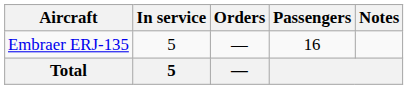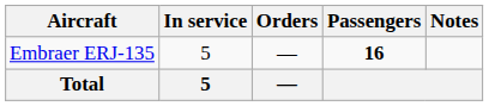 <table class="wikitable" style="margin:1em auto;text-align:center">
 <tr>
 <th>Aircraft</th>
 <th>In service</th>
 <th>Orders</th>
 <th>Passengers</th>
 <th>Notes</th>
 </tr>
 <tr>
 <td><a href='#'>Embraer ERJ-135</a></td>
 <td>5</td>
 <td>—</td>
-<td>16</td>
+<td><strong>16</strong></td>
 <td></td>
 </tr>
 <tr>
 <th>Total</th>
 <th>5</th>
 <th>—</th>
 <th colspan="2"></th>
 </tr>
 </table>
